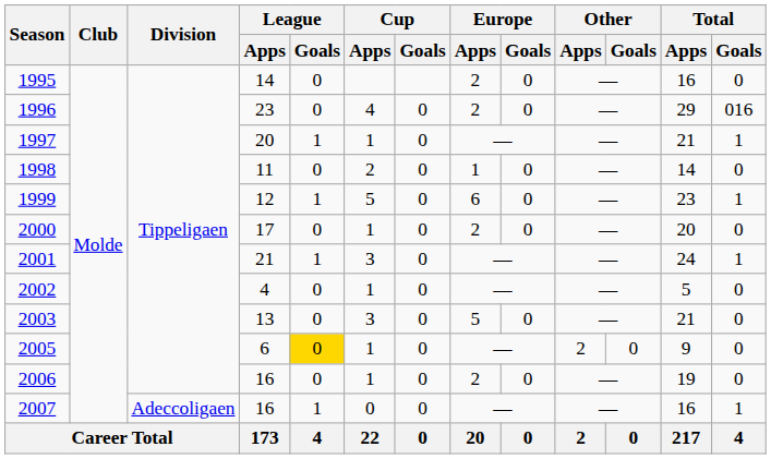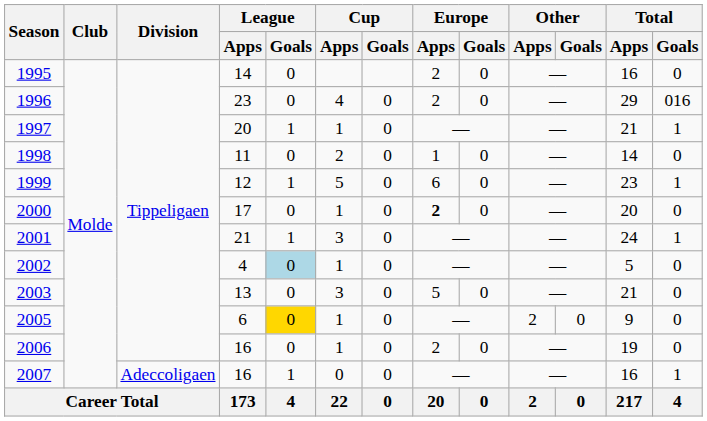 <table class="wikitable" style="text-align: center;">
 <tr>
 <th rowspan="2">Season</th>
 <th rowspan="2">Club</th>
 <th rowspan="2">Division</th>
 <th colspan="2">League</th>
 <th colspan="2">Cup</th>
 <th colspan="2">Europe</th>
 <th colspan="2">Other</th>
 <th colspan="2">Total</th>
 </tr>
 <tr>
 <th>Apps</th>
 <th>Goals</th>
 <th>Apps</th>
 <th>Goals</th>
 <th>Apps</th>
 <th>Goals</th>
 <th>Apps</th>
 <th>Goals</th>
 <th>Apps</th>
 <th>Goals</th>
 </tr>
 <tr>
 <td><a href='#'>1995</a></td>
 <td rowspan="12" valign="center"><a href='#'>Molde</a></td>
 <td rowspan="11" valign="center"><a href='#'>Tippeligaen</a></td>
 <td>14</td>
 <td>0</td>
 <td></td>
 <td></td>
 <td>2</td>
 <td>0</td>
 <td colspan="2">—</td>
 <td>16</td>
 <td>0</td>
 </tr>
 <tr>
 <td><a href='#'>1996</a></td>
 <td>23</td>
 <td>0</td>
 <td>4</td>
 <td>0</td>
 <td>2</td>
 <td>0</td>
 <td colspan="2">—</td>
 <td>29</td>
 <td>016</td>
 </tr>
 <tr>
 <td><a href='#'>1997</a></td>
 <td>20</td>
 <td>1</td>
 <td>1</td>
 <td>0</td>
 <td colspan="2">—</td>
 <td colspan="2">—</td>
 <td>21</td>
 <td>1</td>
 </tr>
 <tr>
 <td><a href='#'>1998</a></td>
 <td>11</td>
 <td>0</td>
 <td>2</td>
 <td>0</td>
 <td>1</td>
 <td>0</td>
 <td colspan="2">—</td>
 <td>14</td>
 <td>0</td>
 </tr>
 <tr>
 <td><a href='#'>1999</a></td>
 <td>12</td>
 <td>1</td>
 <td>5</td>
 <td>0</td>
 <td>6</td>
 <td>0</td>
 <td colspan="2">—</td>
 <td>23</td>
 <td>1</td>
 </tr>
 <tr>
 <td><a href='#'>2000</a></td>
 <td>17</td>
 <td>0</td>
 <td>1</td>
 <td>0</td>
-<td>2</td>
+<td><strong>2</strong></td>
 <td>0</td>
 <td colspan="2">—</td>
 <td>20</td>
 <td>0</td>
 </tr>
 <tr>
 <td><a href='#'>2001</a></td>
 <td>21</td>
 <td>1</td>
 <td>3</td>
 <td>0</td>
 <td colspan="2">—</td>
 <td colspan="2">—</td>
 <td>24</td>
 <td>1</td>
 </tr>
 <tr>
 <td><a href='#'>2002</a></td>
 <td>4</td>
-<td>0</td>
+<td style="background: lightblue;">0</td>
 <td>1</td>
 <td>0</td>
 <td colspan="2">—</td>
 <td colspan="2">—</td>
 <td>5</td>
 <td>0</td>
 </tr>
 <tr>
 <td><a href='#'>2003</a></td>
 <td>13</td>
 <td>0</td>
 <td>3</td>
 <td>0</td>
 <td>5</td>
 <td>0</td>
 <td colspan="2">—</td>
 <td>21</td>
 <td>0</td>
 </tr>
 <tr>
 <td><a href='#'>2005</a></td>
 <td>6</td>
 <td style="background: gold;">0</td>
 <td>1</td>
 <td>0</td>
 <td colspan="2">—</td>
 <td>2</td>
 <td>0</td>
 <td>9</td>
 <td>0</td>
 </tr>
 <tr>
 <td><a href='#'>2006</a></td>
 <td>16</td>
 <td>0</td>
 <td>1</td>
 <td>0</td>
 <td>2</td>
 <td>0</td>
 <td colspan="2">—</td>
 <td>19</td>
 <td>0</td>
 </tr>
 <tr>
 <td><a href='#'>2007</a></td>
 <td rowspan="1" valign="center"><a href='#'>Adeccoligaen</a></td>
 <td>16</td>
 <td>1</td>
 <td>0</td>
 <td>0</td>
 <td colspan="2">—</td>
 <td colspan="2">—</td>
 <td>16</td>
 <td>1</td>
 </tr>
 <tr>
 <th colspan="3">Career Total</th>
 <th>173</th>
 <th>4</th>
 <th>22</th>
 <th>0</th>
 <th>20</th>
 <th>0</th>
 <th>2</th>
 <th>0</th>
 <th>217</th>
 <th>4</th>
 </tr>
 </table>
